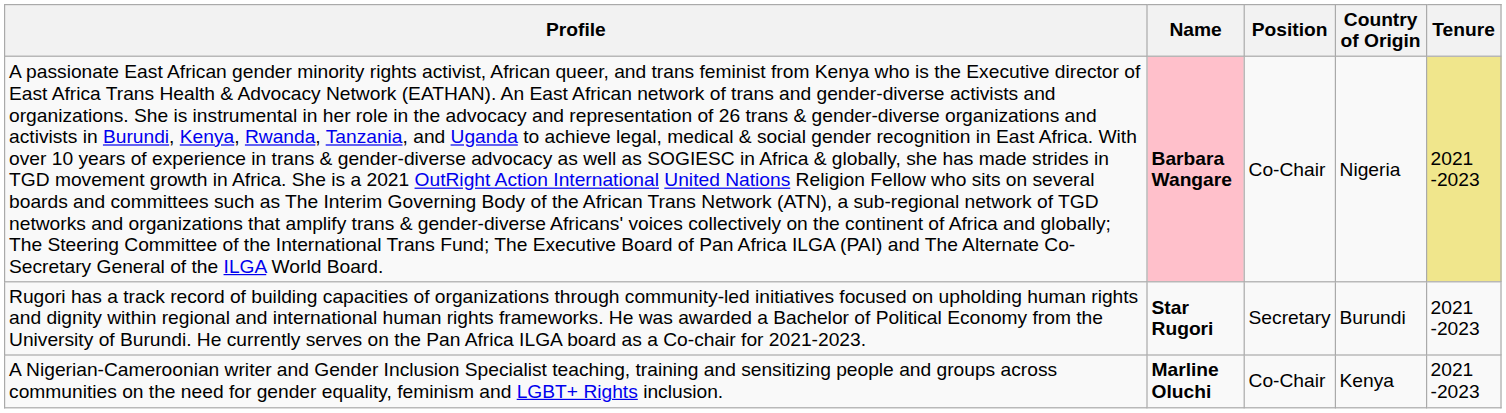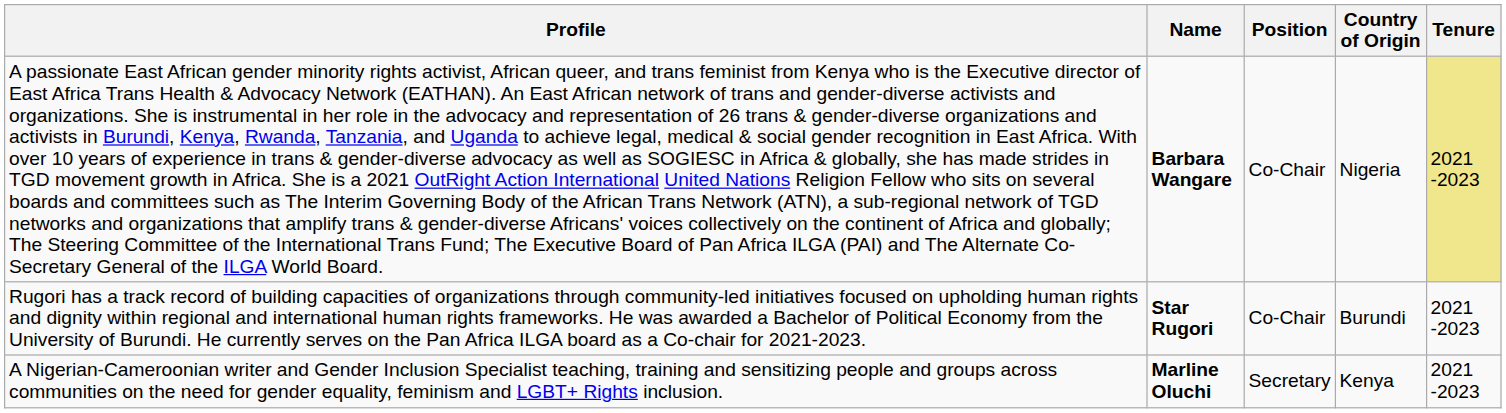 <table class="wikitable">
 <tr>
 <th>Profile</th>
 <th>Name</th>
 <th>Position</th>
 <th>Country of Origin</th>
 <th>Tenure</th>
 </tr>
 <tr>
 <td>A passionate East African gender minority rights activist, African queer, and trans feminist from Kenya who is the Executive director of East Africa Trans Health & Advocacy Network (EATHAN). An East African network of trans and gender-diverse activists and organizations. She is instrumental in her role in the advocacy and representation of 26 trans & gender-diverse organizations and activists in <a href='#'>Burundi</a>, <a href='#'>Kenya</a>, <a href='#'>Rwanda</a>, <a href='#'>Tanzania</a>, and <a href='#'>Uganda</a> to achieve legal, medical & social gender recognition in East Africa. With over 10 years of experience in trans & gender-diverse advocacy as well as SOGIESC in Africa & globally, she has made strides in TGD movement growth in Africa. She is a 2021 <a href='#'>OutRight Action International</a> <a href='#'>United Nations</a> Religion Fellow who sits on several boards and committees such as The Interim Governing Body of the African Trans Network (ATN), a sub-regional network of TGD networks and organizations that amplify trans & gender-diverse Africans' voices collectively on the continent of Africa and globally; The Steering Committee of the International Trans Fund; The Executive Board of Pan Africa ILGA (PAI) and The Alternate Co-Secretary General of the <a href='#'>ILGA</a> World Board.</td>
-<td style="background: pink;"><strong>Barbara Wangare</strong></td>
+<td><strong>Barbara Wangare</strong></td>
 <td>Co-Chair</td>
 <td>Nigeria</td>
 <td style="background: khaki;">2021 -2023</td>
 </tr>
 <tr>
 <td>Rugori has a track record of building capacities of organizations through community-led initiatives focused on upholding human rights and dignity within regional and international human rights frameworks. He was awarded a Bachelor of Political Economy from the University of Burundi.  He currently serves on the Pan Africa ILGA board as a Co-chair for 2021-2023.</td>
 <td><strong>Star Rugori</strong></td>
-<td>Secretary</td>
+<td>Co-Chair</td>
 <td>Burundi</td>
 <td>2021 -2023</td>
 </tr>
 <tr>
 <td>A Nigerian-Cameroonian writer and Gender Inclusion Specialist teaching, training and sensitizing people and groups across communities on the need for gender equality, feminism and <a href='#'>LGBT+ Rights</a> inclusion.</td>
 <td><strong>Marline Oluchi</strong></td>
-<td>Co-Chair</td>
+<td>Secretary</td>
 <td>Kenya</td>
 <td>2021 -2023</td>
 </tr>
 </table>
